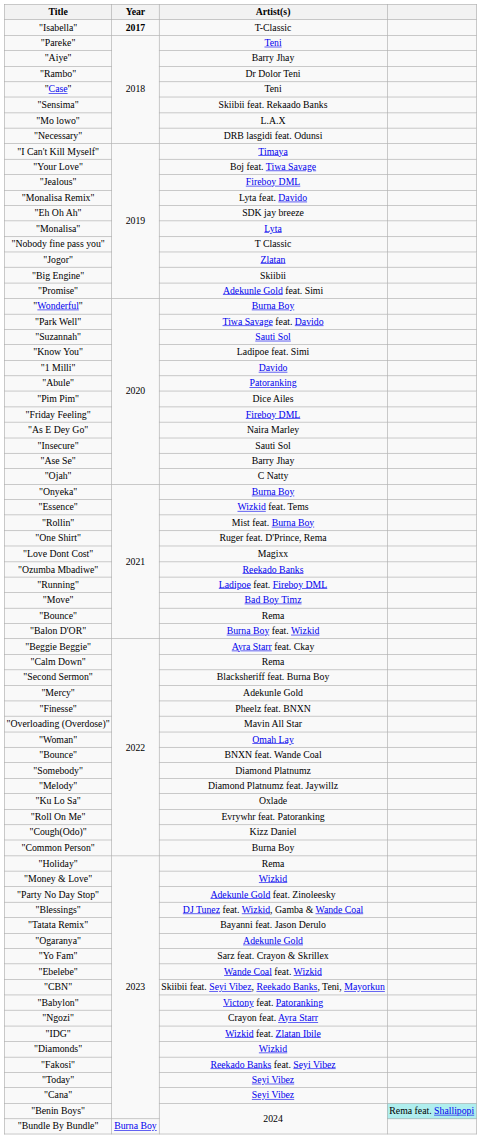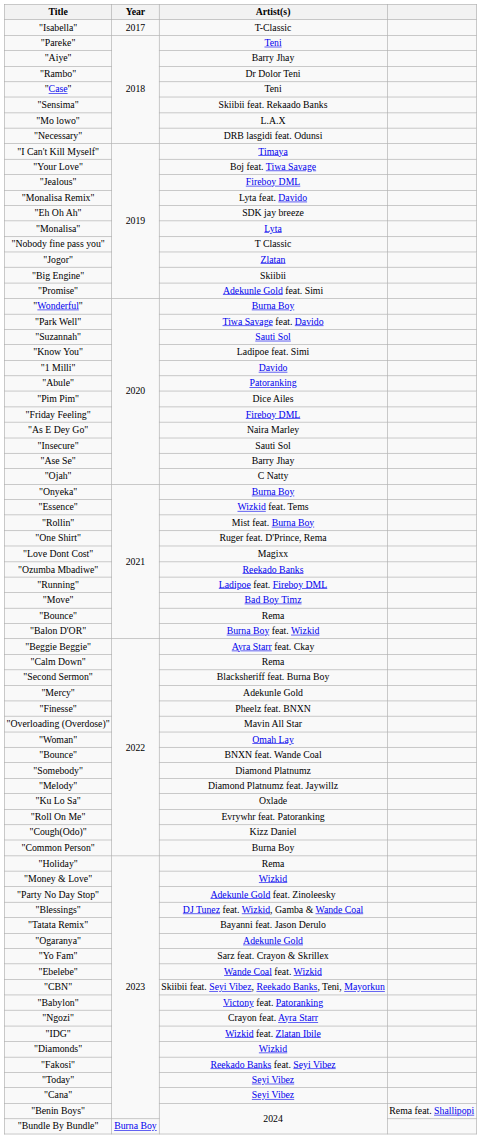 <table class="wikitable sortable plainrowheaders" style="text-align:center;">
 <tr>
 <th scope="col">Title</th>
 <th scope="col">Year</th>
 <th scope="col">Artist(s)</th>
 <th scope="col" class="unsortable"></th>
 </tr>
 <tr>
 <td>"Isabella"</td>
-<td><strong>2017</strong></td>
+<td>2017</td>
 <td>T-Classic</td>
 <td></td>
 </tr>
 <tr>
 <td>"Pareke"</td>
 <td rowspan="7">2018</td>
 <td><a href='#'>Teni</a></td>
 <td></td>
 </tr>
 <tr>
 <td>"Aiye"</td>
 <td>Barry Jhay</td>
 <td></td>
 </tr>
 <tr>
 <td>"Rambo"</td>
 <td>Dr Dolor  Teni</td>
 <td></td>
 </tr>
 <tr>
 <td>"<a href='#'>Case</a>"</td>
 <td>Teni</td>
 <td></td>
 </tr>
 <tr>
 <td>"Sensima"</td>
 <td>Skiibii feat. Rekaado Banks</td>
 <td></td>
 </tr>
 <tr>
 <td>"Mo lowo"</td>
 <td>L.A.X</td>
 <td></td>
 </tr>
 <tr>
 <td>"Necessary"</td>
 <td>DRB lasgidi feat. Odunsi</td>
 <td></td>
 </tr>
 <tr>
 <td>"I Can't Kill Myself"</td>
 <td rowspan="10">2019</td>
 <td><a href='#'>Timaya</a></td>
 <td></td>
 </tr>
 <tr>
 <td>"Your Love"</td>
 <td>Boj feat. <a href='#'>Tiwa Savage</a></td>
 <td></td>
 </tr>
 <tr>
 <td>"Jealous"</td>
 <td><a href='#'>Fireboy DML</a></td>
 <td></td>
 </tr>
 <tr>
 <td>"Monalisa Remix"</td>
 <td>Lyta feat. <a href='#'>Davido</a></td>
 <td></td>
 </tr>
 <tr>
 <td>"Eh Oh Ah"</td>
 <td>SDK jay breeze</td>
 <td></td>
 </tr>
 <tr>
 <td>"Monalisa"</td>
 <td><a href='#'>Lyta</a></td>
 <td></td>
 </tr>
 <tr>
 <td>"Nobody fine pass you"</td>
 <td>T Classic</td>
 <td></td>
 </tr>
 <tr>
 <td>"Jogor"</td>
 <td><a href='#'>Zlatan</a></td>
 <td></td>
 </tr>
 <tr>
 <td>"Big Engine"</td>
 <td>Skiibii</td>
 <td></td>
 </tr>
 <tr>
 <td>"Promise"</td>
 <td><a href='#'>Adekunle Gold</a> feat. Simi</td>
 <td></td>
 </tr>
 <tr>
 <td>"<a href='#'>Wonderful</a>"</td>
 <td rowspan="12">2020</td>
 <td><a href='#'>Burna Boy</a></td>
 <td></td>
 </tr>
 <tr>
 <td>"Park Well"</td>
 <td><a href='#'>Tiwa Savage</a> feat. <a href='#'>Davido</a></td>
 <td></td>
 </tr>
 <tr>
 <td>"Suzannah"</td>
 <td><a href='#'>Sauti Sol</a></td>
 <td></td>
 </tr>
 <tr>
 <td>"Know You"</td>
 <td>Ladipoe feat. Simi</td>
 <td></td>
 </tr>
 <tr>
 <td>"1 Milli"</td>
 <td><a href='#'>Davido</a></td>
 <td></td>
 </tr>
 <tr>
 <td>"Abule"</td>
 <td><a href='#'>Patoranking</a></td>
 <td></td>
 </tr>
 <tr>
 <td>"Pim Pim"</td>
 <td>Dice Ailes</td>
 <td></td>
 </tr>
 <tr>
 <td>"Friday Feeling"</td>
 <td><a href='#'>Fireboy DML</a></td>
 <td></td>
 </tr>
 <tr>
 <td>"As E Dey Go"</td>
 <td>Naira Marley</td>
 <td></td>
 </tr>
 <tr>
 <td>"Insecure"</td>
 <td>Sauti Sol</td>
 <td></td>
 </tr>
 <tr>
 <td>"Ase Se"</td>
 <td>Barry Jhay</td>
 <td></td>
 </tr>
 <tr>
 <td>"Ojah"</td>
 <td>C Natty</td>
 <td></td>
 </tr>
 <tr>
 <td>"Onyeka"</td>
 <td rowspan="10">2021</td>
 <td><a href='#'>Burna Boy</a></td>
 <td></td>
 </tr>
 <tr>
 <td>"Essence"</td>
 <td><a href='#'>Wizkid</a> feat. Tems</td>
 <td></td>
 </tr>
 <tr>
 <td>"Rollin"</td>
 <td>Mist feat. <a href='#'>Burna Boy</a></td>
 <td></td>
 </tr>
 <tr>
 <td>"One Shirt"</td>
 <td>Ruger feat. D'Prince, Rema</td>
 <td></td>
 </tr>
 <tr>
 <td>"Love Dont Cost"</td>
 <td>Magixx</td>
 <td></td>
 </tr>
 <tr>
 <td>"Ozumba Mbadiwe"</td>
 <td><a href='#'>Reekado Banks</a></td>
 <td></td>
 </tr>
 <tr>
 <td>"Running"</td>
 <td><a href='#'>Ladipoe</a> feat. <a href='#'>Fireboy DML</a></td>
 <td></td>
 </tr>
 <tr>
 <td>"Move"</td>
 <td><a href='#'>Bad Boy Timz</a></td>
 <td></td>
 </tr>
 <tr>
 <td>"Bounce"</td>
 <td>Rema</td>
 <td></td>
 </tr>
 <tr>
 <td>"Balon D'OR"</td>
 <td><a href='#'>Burna Boy</a> feat. <a href='#'>Wizkid</a></td>
 <td></td>
 </tr>
 <tr>
 <td>"Beggie Beggie"</td>
 <td rowspan="14">2022</td>
 <td><a href='#'>Ayra Starr</a> feat. Ckay</td>
 <td></td>
 </tr>
 <tr>
 <td>"Calm Down"</td>
 <td>Rema</td>
 <td></td>
 </tr>
 <tr>
 <td>"Second Sermon"</td>
 <td>Blacksheriff feat. Burna Boy</td>
 <td></td>
 </tr>
 <tr>
 <td>"Mercy"</td>
 <td>Adekunle Gold</td>
 <td></td>
 </tr>
 <tr>
 <td>"Finesse"</td>
 <td>Pheelz feat. BNXN</td>
 <td></td>
 </tr>
 <tr>
 <td>"Overloading (Overdose)"</td>
 <td>Mavin All Star</td>
 <td></td>
 </tr>
 <tr>
 <td>"Woman"</td>
 <td><a href='#'>Omah Lay</a></td>
 <td></td>
 </tr>
 <tr>
 <td>"Bounce"</td>
 <td>BNXN feat. Wande Coal</td>
 <td></td>
 </tr>
 <tr>
 <td>"Somebody"</td>
 <td>Diamond Platnumz</td>
 <td></td>
 </tr>
 <tr>
 <td>"Melody"</td>
 <td>Diamond Platnumz feat. Jaywillz</td>
 <td></td>
 </tr>
 <tr>
 <td>"Ku Lo Sa"</td>
 <td>Oxlade</td>
 <td></td>
 </tr>
 <tr>
 <td>"Roll On Me"</td>
 <td>Evrywhr feat. Patoranking</td>
 <td></td>
 </tr>
 <tr>
 <td>"Cough(Odo)"</td>
 <td>Kizz Daniel</td>
 <td></td>
 </tr>
 <tr>
 <td>"Common Person"</td>
 <td>Burna Boy</td>
 <td></td>
 </tr>
 <tr>
 <td>"Holiday"</td>
 <td rowspan="17">2023</td>
 <td>Rema</td>
 <td></td>
 </tr>
 <tr>
 <td>"Money & Love"</td>
 <td><a href='#'>Wizkid</a></td>
 <td></td>
 </tr>
 <tr>
 <td>"Party No Day Stop"</td>
 <td><a href='#'>Adekunle Gold</a> feat. Zinoleesky</td>
 <td></td>
 </tr>
 <tr>
 <td>"Blessings"</td>
 <td><a href='#'>DJ Tunez</a> feat. <a href='#'>Wizkid</a>, Gamba & <a href='#'>Wande Coal</a></td>
 <td></td>
 </tr>
 <tr>
 <td>"Tatata Remix"</td>
 <td>Bayanni feat. Jason Derulo</td>
 <td></td>
 </tr>
 <tr>
 <td>"Ogaranya"</td>
 <td><a href='#'>Adekunle Gold</a></td>
 <td></td>
 </tr>
 <tr>
 <td>"Yo Fam"</td>
 <td>Sarz feat. Crayon & Skrillex</td>
 <td></td>
 </tr>
 <tr>
 <td>"Ebelebe"</td>
 <td><a href='#'>Wande Coal</a> feat. <a href='#'>Wizkid</a></td>
 <td></td>
 </tr>
 <tr>
 <td>"CBN"</td>
 <td>Skiibii feat. <a href='#'>Seyi Vibez</a>, <a href='#'>Reekado Banks</a>, Teni, <a href='#'>Mayorkun</a></td>
 <td></td>
 </tr>
 <tr>
 <td>"Babylon"</td>
 <td><a href='#'>Victony</a> feat. <a href='#'>Patoranking</a></td>
 <td></td>
 </tr>
 <tr>
 <td>"Ngozi"</td>
 <td>Crayon feat. <a href='#'>Ayra Starr</a></td>
 <td></td>
 </tr>
 <tr>
 <td>"IDG"</td>
 <td><a href='#'>Wizkid</a> feat. <a href='#'>Zlatan Ibile</a></td>
 <td></td>
 </tr>
 <tr>
 <td>"Diamonds"</td>
 <td><a href='#'>Wizkid</a></td>
 <td></td>
 </tr>
 <tr>
 <td>"Fakosi"</td>
 <td><a href='#'>Reekado Banks</a> feat. <a href='#'>Seyi Vibez</a></td>
 <td></td>
 </tr>
 <tr>
 <td>"Today"</td>
 <td><a href='#'>Seyi Vibez</a></td>
 <td></td>
 </tr>
 <tr>
 <td>"Cana"</td>
 <td><a href='#'>Seyi Vibez</a></td>
 <td></td>
 </tr>
 <tr>
 <td>"Benin Boys"</td>
 <td rowspan="2">2024</td>
-<td style="background: paleturquoise;">Rema feat. <a href='#'>Shallipopi</a></td>
+<td>Rema feat. <a href='#'>Shallipopi</a></td>
 </tr>
 <tr>
 <td>"Bundle By Bundle"</td>
 <td><a href='#'>Burna Boy</a></td>
 <td></td>
 </tr>
 </table>
